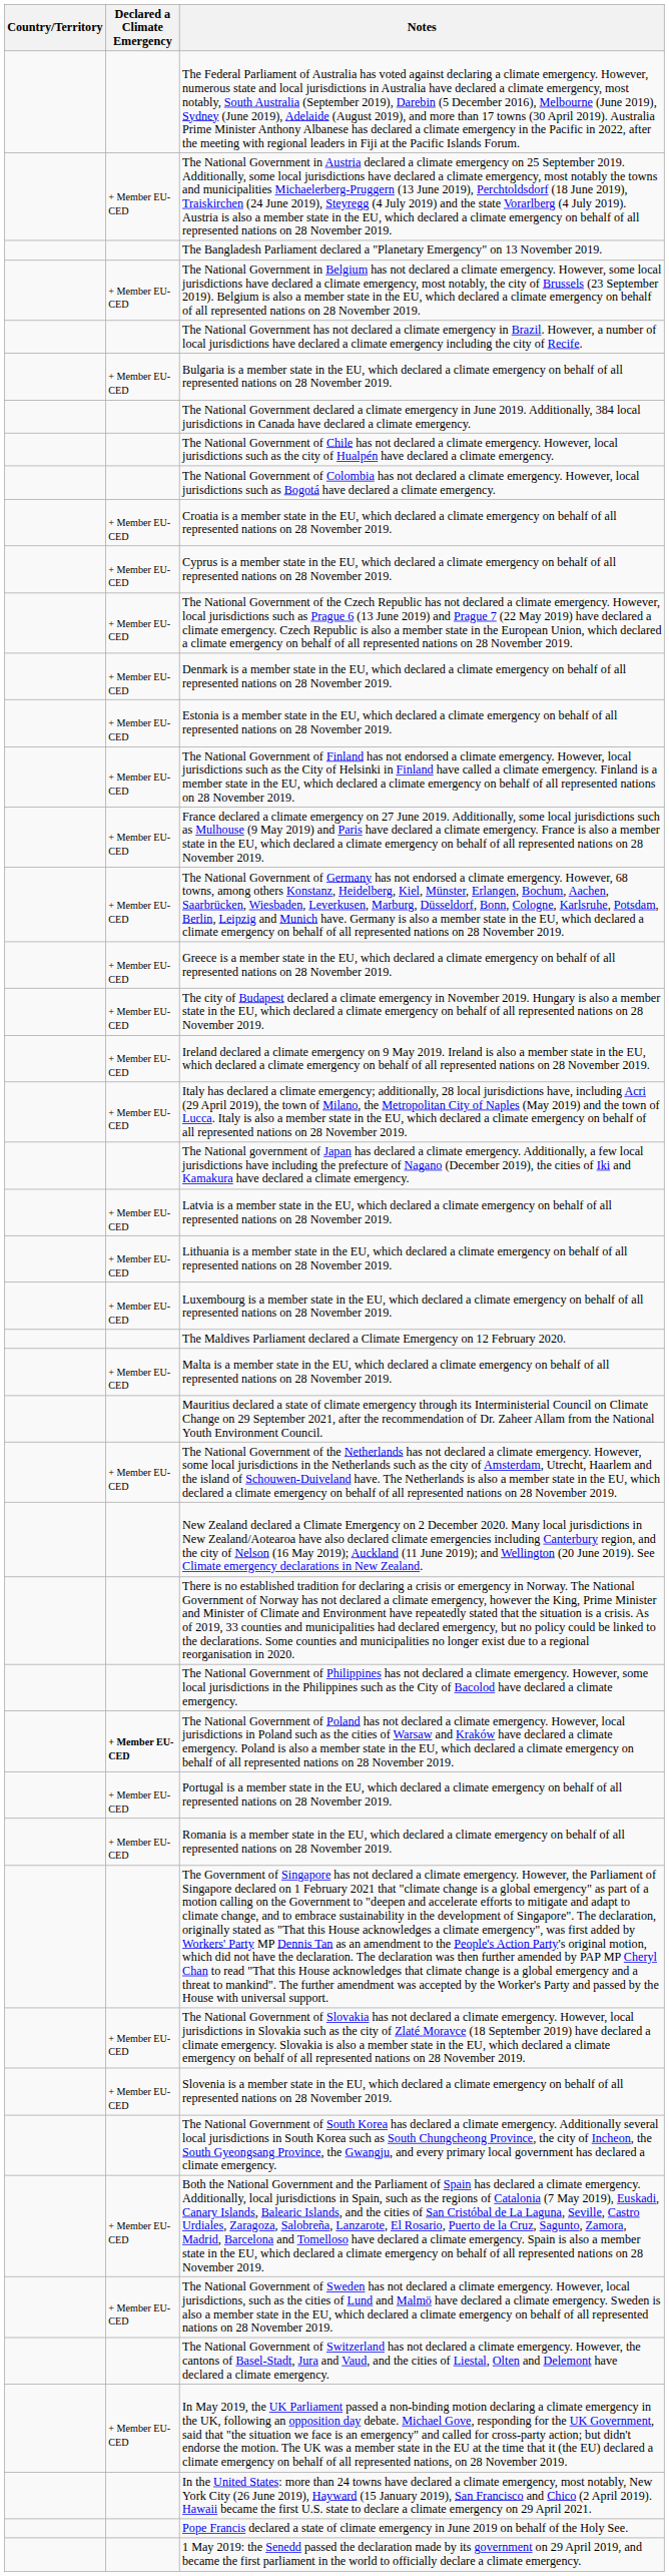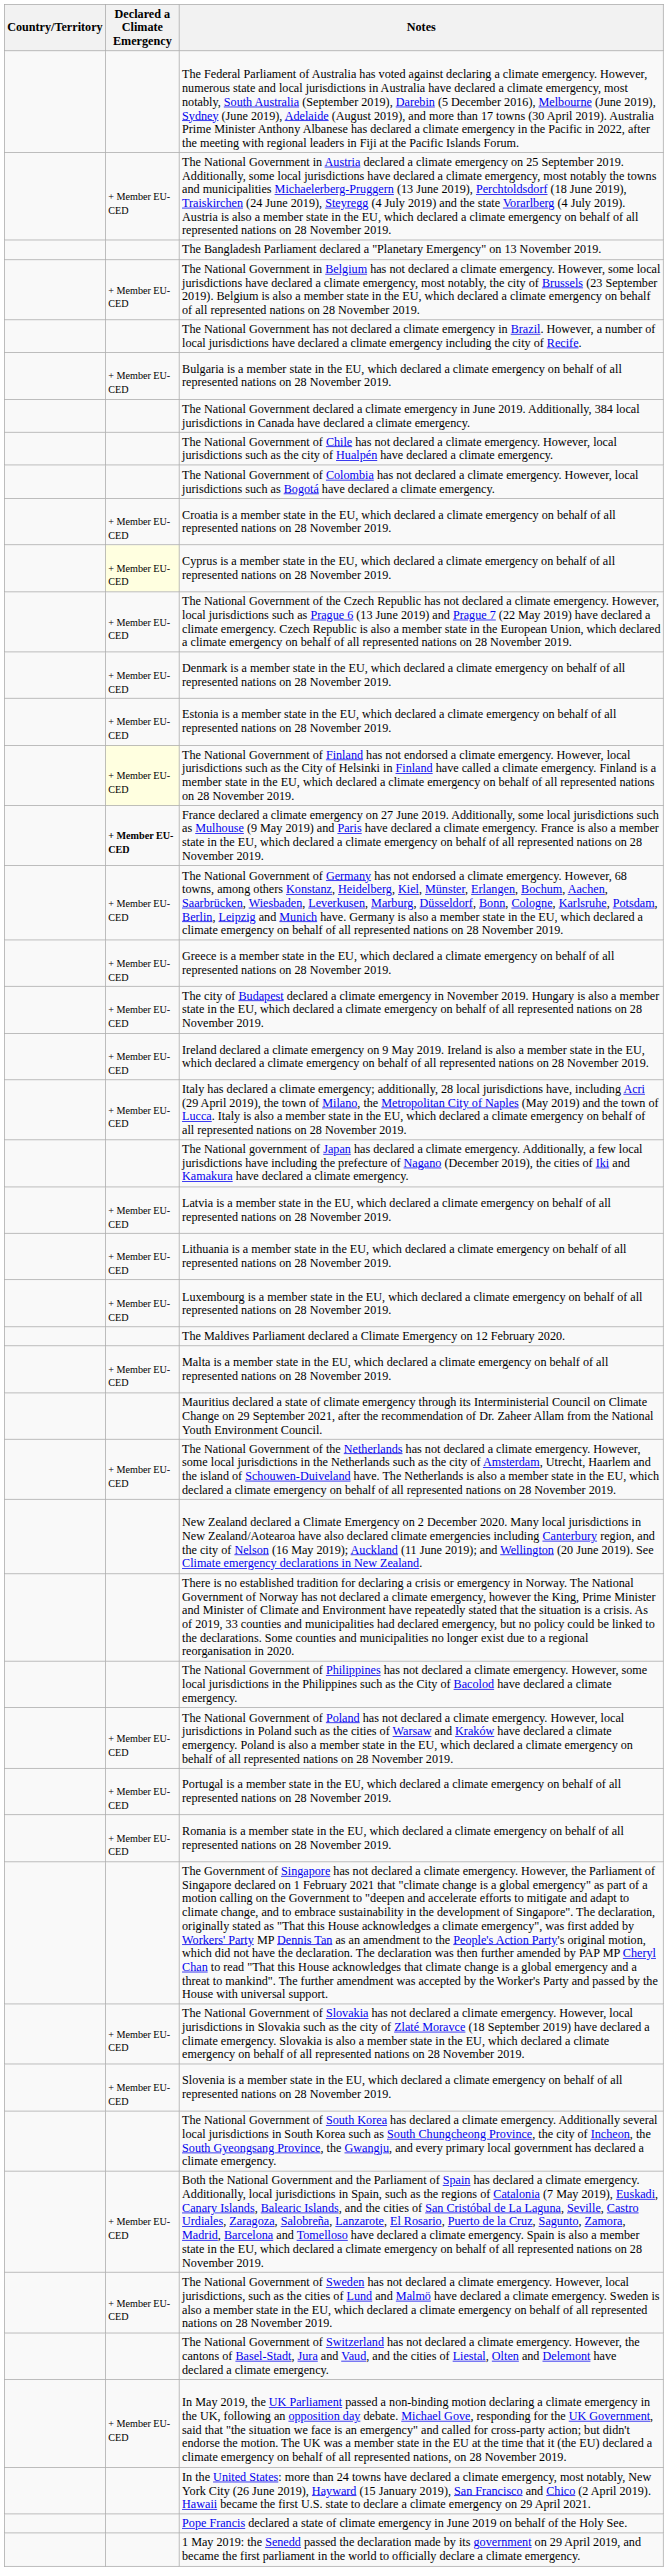 <table class="wikitable sortable mw-datatable sticky-header">
 <tr>
 <th>Country/Territory</th>
 <th>Declared a Climate Emergency</th>
 <th>Notes</th>
 </tr>
 <tr id="A">
 <td></td>
 <td></td>
 <td><br>The Federal Parliament of Australia has voted against declaring a climate emergency. However, numerous state and local jurisdictions in Australia have declared a climate emergency, most notably, <a href='#'>South Australia</a> (September 2019), <a href='#'>Darebin</a> (5 December 2016), <a href='#'>Melbourne</a> (June 2019), <a href='#'>Sydney</a> (June 2019), <a href='#'>Adelaide</a> (August 2019), and more than 17 towns (30 April 2019). Australia Prime Minister Anthony Albanese has declared a climate emergency in the Pacific in 2022, after the meeting with regional leaders in Fiji at the Pacific Islands Forum. </td>
 </tr>
 <tr>
 <td></td>
 <td><br><small>+ Member EU-CED</small></td>
 <td>The National Government in <a href='#'>Austria</a> declared a climate emergency on 25 September 2019. Additionally, some local jurisdictions have declared a climate emergency, most notably the towns and municipalities <a href='#'>Michaelerberg-Pruggern</a> (13 June 2019), <a href='#'>Perchtoldsdorf</a> (18 June 2019), <a href='#'>Traiskirchen</a> (24 June 2019), <a href='#'>Steyregg</a> (4 July 2019) and the state <a href='#'>Vorarlberg</a> (4 July 2019). Austria is also a member state in the EU, which declared a climate emergency on behalf of all represented nations on 28 November 2019.</td>
 </tr>
 <tr id="B">
 <td></td>
 <td></td>
 <td>The Bangladesh Parliament declared a "Planetary Emergency" on 13 November 2019.</td>
 </tr>
 <tr>
 <td></td>
 <td><br><small>+ Member EU-CED</small></td>
 <td>The National Government in <a href='#'>Belgium</a> has not declared a climate emergency. However, some local jurisdictions have declared a climate emergency, most notably, the city of <a href='#'>Brussels</a> (23 September 2019). Belgium is also a member state in the EU, which declared a climate emergency on behalf of all represented nations on 28 November 2019.</td>
 </tr>
 <tr>
 <td></td>
 <td></td>
 <td>The National Government has not declared a climate emergency in <a href='#'>Brazil</a>. However, a number of local jurisdictions have declared a climate emergency including the city of <a href='#'>Recife</a>.</td>
 </tr>
 <tr>
 <td></td>
 <td><br><small>+ Member EU-CED</small></td>
 <td>Bulgaria is a member state in the EU, which declared a climate emergency on behalf of all represented nations on 28 November 2019.</td>
 </tr>
 <tr id="C">
 <td></td>
 <td></td>
 <td>The National Government declared a climate emergency in June 2019. Additionally, 384 local jurisdictions in Canada have declared a climate emergency.</td>
 </tr>
 <tr>
 <td></td>
 <td></td>
 <td>The National Government of <a href='#'>Chile</a> has not declared a climate emergency. However, local jurisdictions such as the city of <a href='#'>Hualpén</a> have declared a climate emergency.</td>
 </tr>
 <tr>
 <td></td>
 <td></td>
 <td>The National Government of <a href='#'>Colombia</a> has not declared a climate emergency. However, local jurisdictions such as <a href='#'>Bogotá</a> have declared a climate emergency.</td>
 </tr>
 <tr>
 <td></td>
 <td><br><small>+ Member EU-CED</small></td>
 <td>Croatia is a member state in the EU, which declared a climate emergency on behalf of all represented nations on 28 November 2019.</td>
 </tr>
 <tr>
 <td></td>
-<td><br><small>+ Member EU-CED</small></td>
+<td style="background: lightyellow;"><br><small>+ Member EU-CED</small></td>
 <td>Cyprus is a member state in the EU, which declared a climate emergency on behalf of all represented nations on 28 November 2019.</td>
 </tr>
 <tr>
 <td></td>
 <td><br><small>+ Member EU-CED</small></td>
 <td>The National Government of the Czech Republic has not declared a climate emergency. However, local jurisdictions such as <a href='#'>Prague 6</a> (13 June 2019) and <a href='#'>Prague 7</a> (22 May 2019) have declared a climate emergency. Czech Republic is also a member state in the European Union, which declared a climate emergency on behalf of all represented nations on 28 November 2019.</td>
 </tr>
 <tr id="D">
 <td></td>
 <td><br><small>+ Member EU-CED</small></td>
 <td>Denmark is a member state in the EU, which declared a climate emergency on behalf of all represented nations on 28 November 2019.</td>
 </tr>
 <tr id="E">
 <td></td>
 <td><br><small>+ Member EU-CED</small></td>
 <td>Estonia is a member state in the EU, which declared a climate emergency on behalf of all represented nations on 28 November 2019.</td>
 </tr>
 <tr id="F">
 <td></td>
-<td><br><small>+ Member EU-CED</small></td>
+<td style="background: lightyellow;"><br><small>+ Member EU-CED</small></td>
 <td>The National Government of <a href='#'>Finland</a> has not endorsed a climate emergency. However, local jurisdictions such as the City of Helsinki in <a href='#'>Finland</a> have called a climate emergency. Finland is a member state in the EU, which declared a climate emergency on behalf of all represented nations on 28 November 2019.</td>
 </tr>
 <tr>
 <td></td>
-<td><br><small>+ Member EU-CED</small></td>
+<td><strong><br><small>+ Member EU-CED</small></strong></td>
 <td>France declared a climate emergency on 27 June 2019. Additionally, some local jurisdictions such as <a href='#'>Mulhouse</a> (9 May 2019) and <a href='#'>Paris</a> have declared a climate emergency. France is also a member state in the EU, which declared a climate emergency on behalf of all represented nations on 28 November 2019.</td>
 </tr>
 <tr id="G">
 <td></td>
 <td><br><small>+ Member EU-CED</small></td>
 <td>The National Government of <a href='#'>Germany</a> has not endorsed a climate emergency. However, 68 towns, among others <a href='#'>Konstanz</a>, <a href='#'>Heidelberg</a>, <a href='#'>Kiel</a>, <a href='#'>Münster</a>, <a href='#'>Erlangen</a>, <a href='#'>Bochum</a>, <a href='#'>Aachen</a>, <a href='#'>Saarbrücken</a>, <a href='#'>Wiesbaden</a>, <a href='#'>Leverkusen</a>, <a href='#'>Marburg</a>, <a href='#'>Düsseldorf</a>, <a href='#'>Bonn</a>, <a href='#'>Cologne</a>, <a href='#'>Karlsruhe</a>, <a href='#'>Potsdam</a>, <a href='#'>Berlin</a>, <a href='#'>Leipzig</a> and <a href='#'>Munich</a> have. Germany is also a member state in the EU, which declared a climate emergency on behalf of all represented nations on 28 November 2019.</td>
 </tr>
 <tr>
 <td></td>
 <td><br><small>+ Member EU-CED</small></td>
 <td>Greece is a member state in the EU, which declared a climate emergency on behalf of all represented nations on 28 November 2019.</td>
 </tr>
 <tr id="H">
 <td></td>
 <td><br><small>+ Member EU-CED</small></td>
 <td>The city of <a href='#'>Budapest</a> declared a climate emergency in November 2019. Hungary is also a member state in the EU, which declared a climate emergency on behalf of all represented nations on 28 November 2019.</td>
 </tr>
 <tr id="I">
 <td></td>
 <td><br><small>+ Member EU-CED</small></td>
 <td>Ireland declared a climate emergency on 9 May 2019. Ireland is also a member state in the EU, which declared a climate emergency on behalf of all represented nations on 28 November 2019.</td>
 </tr>
 <tr>
 <td></td>
 <td><br><small>+ Member EU-CED</small></td>
 <td>Italy has declared a climate emergency; additionally, 28 local jurisdictions have, including <a href='#'>Acri</a> (29 April 2019), the town of <a href='#'>Milano</a>, the <a href='#'>Metropolitan City of Naples</a> (May 2019) and the town of <a href='#'>Lucca</a>. Italy is also a member state in the EU, which declared a climate emergency on behalf of all represented nations on 28 November 2019.</td>
 </tr>
 <tr id="J">
 <td></td>
 <td></td>
 <td>The National government of <a href='#'>Japan</a> has declared a climate emergency. Additionally, a few local jurisdictions have including the prefecture of <a href='#'>Nagano</a> (December 2019), the cities of <a href='#'>Iki</a> and <a href='#'>Kamakura</a> have declared a climate emergency.<br></td>
 </tr>
 <tr id="L">
 <td></td>
 <td><br><small>+ Member EU-CED</small></td>
 <td>Latvia is a member state in the EU, which declared a climate emergency on behalf of all represented nations on 28 November 2019.</td>
 </tr>
 <tr>
 <td></td>
 <td><br><small>+ Member EU-CED</small></td>
 <td>Lithuania is a member state in the EU, which declared a climate emergency on behalf of all represented nations on 28 November 2019.</td>
 </tr>
 <tr>
 <td></td>
 <td><br><small>+ Member EU-CED</small></td>
 <td>Luxembourg is a member state in the EU, which declared a climate emergency on behalf of all represented nations on 28 November 2019.</td>
 </tr>
 <tr id="M">
 <td></td>
 <td></td>
 <td>The Maldives Parliament declared a Climate Emergency on 12 February 2020.</td>
 </tr>
 <tr>
 <td></td>
 <td><br><small>+ Member EU-CED</small></td>
 <td>Malta is a member state in the EU, which declared a climate emergency on behalf of all represented nations on 28 November 2019.</td>
 </tr>
 <tr>
 <td></td>
 <td></td>
 <td>Mauritius declared a state of climate emergency through its Interministerial Council on Climate Change on 29 September 2021, after the recommendation of Dr. Zaheer Allam from the National Youth Environment Council.</td>
 </tr>
 <tr id="N">
 <td></td>
 <td><br><small>+ Member EU-CED</small></td>
 <td>The National Government of the <a href='#'>Netherlands</a> has not declared a climate emergency. However, some local jurisdictions in the Netherlands such as the city of <a href='#'>Amsterdam</a>, Utrecht, Haarlem and the island of <a href='#'>Schouwen-Duiveland</a> have. The Netherlands is also a member state in the EU, which declared a climate emergency on behalf of all represented nations on 28 November 2019.</td>
 </tr>
 <tr>
 <td></td>
 <td></td>
 <td><br>New Zealand declared a Climate Emergency on 2 December 2020. Many local jurisdictions in New Zealand/Aotearoa have also declared climate emergencies including <a href='#'>Canterbury</a> region, and the city of <a href='#'>Nelson</a> (16 May 2019); <a href='#'>Auckland</a> (11 June 2019); and <a href='#'>Wellington</a> (20 June 2019). See <a href='#'>Climate emergency declarations in New Zealand</a>.</td>
 </tr>
 <tr>
 <td></td>
 <td></td>
 <td>There is no established tradition for declaring a crisis or emergency in Norway. The National Government of Norway has not declared a climate emergency, however the King, Prime Minister and Minister of Climate and Environment have repeatedly stated that the situation is a crisis. As of 2019, 33 counties and municipalities had declared emergency, but no policy could be linked to the declarations. Some counties and municipalities no longer exist due to a regional reorganisation in 2020.<br></td>
 </tr>
 <tr id="P">
 <td></td>
 <td></td>
 <td>The National Government of <a href='#'>Philippines</a> has not declared a climate emergency. However, some local jurisdictions in the Philippines such as the City of <a href='#'>Bacolod</a> have declared a climate emergency.</td>
 </tr>
 <tr>
 <td></td>
-<td><strong><br><small>+ Member EU-CED</small></strong></td>
+<td><br><small>+ Member EU-CED</small></td>
 <td>The National Government of <a href='#'>Poland</a> has not declared a climate emergency. However, local jurisdictions in Poland such as the cities of <a href='#'>Warsaw</a> and <a href='#'>Kraków</a> have declared a climate emergency. Poland is also a member state in the EU, which declared a climate emergency on behalf of all represented nations on 28 November 2019.</td>
 </tr>
 <tr>
 <td></td>
 <td><br><small>+ Member EU-CED</small></td>
 <td>Portugal is a member state in the EU, which declared a climate emergency on behalf of all represented nations on 28 November 2019.<br></td>
 </tr>
 <tr id="R">
 <td></td>
 <td><br><small>+ Member EU-CED</small></td>
 <td>Romania is a member state in the EU, which declared a climate emergency on behalf of all represented nations on 28 November 2019.</td>
 </tr>
 <tr id="S">
 <td></td>
 <td></td>
 <td>The Government of <a href='#'>Singapore</a> has not declared a climate emergency. However, the Parliament of Singapore declared on 1 February 2021 that "climate change is a global emergency" as part of a motion calling on the Government to "deepen and accelerate efforts to mitigate and adapt to climate change, and to embrace sustainability in the development of Singapore". The declaration, originally stated as "That this House acknowledges a climate emergency", was first added by <a href='#'>Workers' Party</a> MP <a href='#'>Dennis Tan</a> as an amendment to the <a href='#'>People's Action Party</a>'s original motion, which did not have the declaration. The declaration was then further amended by PAP MP <a href='#'>Cheryl Chan</a> to read "That this House acknowledges that climate change is a global emergency and a threat to mankind". The further amendment was accepted by the Worker's Party and passed by the House with universal support.</td>
 </tr>
 <tr>
 <td></td>
 <td><br><small>+ Member EU-CED</small></td>
 <td>The National Government of <a href='#'>Slovakia</a> has not declared a climate emergency. However, local jurisdictions in Slovakia such as the city of <a href='#'>Zlaté Moravce</a> (18 September 2019) have declared a climate emergency. Slovakia is also a member state in the EU, which declared a climate emergency on behalf of all represented nations on 28 November 2019.</td>
 </tr>
 <tr>
 <td></td>
 <td><br><small>+ Member EU-CED</small></td>
 <td>Slovenia is a member state in the EU, which declared a climate emergency on behalf of all represented nations on 28 November 2019.</td>
 </tr>
 <tr>
 <td></td>
 <td></td>
 <td>The National Government of <a href='#'>South Korea</a> has declared a climate emergency. Additionally several local jurisdictions in South Korea such as <a href='#'>South Chungcheong Province</a>, the city of <a href='#'>Incheon</a>, the <a href='#'>South Gyeongsang Province</a>, the <a href='#'>Gwangju</a>, and every primary local government has declared a climate emergency.</td>
 </tr>
 <tr>
 <td></td>
 <td><br><small>+ Member EU-CED</small></td>
 <td>Both the National Government and the Parliament of <a href='#'>Spain</a> has declared a climate emergency. Additionally, local jurisdictions in Spain, such as the regions of <a href='#'>Catalonia</a> (7 May 2019), <a href='#'>Euskadi</a>, <a href='#'>Canary Islands</a>, <a href='#'>Balearic Islands</a>, and the cities of <a href='#'>San Cristóbal de La Laguna</a>, <a href='#'>Seville</a>, <a href='#'>Castro Urdiales</a>, <a href='#'>Zaragoza</a>, <a href='#'>Salobreña</a>, <a href='#'>Lanzarote</a>, <a href='#'>El Rosario</a>, <a href='#'>Puerto de la Cruz</a>, <a href='#'>Sagunto</a>, <a href='#'>Zamora</a>, <a href='#'>Madrid</a>, <a href='#'>Barcelona</a> and <a href='#'>Tomelloso</a> have declared a climate emergency. Spain is also a member state in the EU, which declared a climate emergency on behalf of all represented nations on 28 November 2019.</td>
 </tr>
 <tr>
 <td></td>
 <td><br><small>+ Member EU-CED</small></td>
 <td>The National Government of <a href='#'>Sweden</a> has not declared a climate emergency. However, local jurisdictions, such as the cities of <a href='#'>Lund</a> and <a href='#'>Malmö</a> have declared a climate emergency. Sweden is also a member state in the EU, which declared a climate emergency on behalf of all represented nations on 28 November 2019.</td>
 </tr>
 <tr>
 <td></td>
 <td></td>
 <td>The National Government of <a href='#'>Switzerland</a> has not declared a climate emergency. However, the cantons of <a href='#'>Basel-Stadt</a>, <a href='#'>Jura</a> and <a href='#'>Vaud</a>, and the cities of <a href='#'>Liestal</a>, <a href='#'>Olten</a> and <a href='#'>Delemont</a> have declared a climate emergency.<br></td>
 </tr>
 <tr id="U">
 <td></td>
 <td><br><small>+ Member EU-CED</small></td>
 <td><br>In May 2019, the <a href='#'>UK Parliament</a> passed a non-binding motion declaring a climate emergency in the UK, following an <a href='#'>opposition day</a> debate. <a href='#'>Michael Gove</a>, responding for the <a href='#'>UK Government</a>, said that "the situation we face is an emergency" and called for cross-party action; but didn't endorse the motion. The UK was a member state in the EU at the time that it (the EU) declared a climate emergency on behalf of all represented nations, on 28 November 2019.</td>
 </tr>
 <tr>
 <td></td>
 <td></td>
 <td>In the <a href='#'>United States</a>: more than 24 towns have declared a climate emergency, most notably, New York City (26 June 2019), <a href='#'>Hayward</a> (15 January 2019), <a href='#'>San Francisco</a> and <a href='#'>Chico</a> (2 April 2019). <a href='#'>Hawaii</a> became the first U.S. state to declare a climate emergency on 29 April 2021.</td>
 </tr>
 <tr id="V">
 <td></td>
 <td></td>
 <td><a href='#'>Pope Francis</a> declared a state of climate emergency in June 2019 on behalf of the Holy See.<br></td>
 </tr>
 <tr>
 <td></td>
 <td></td>
 <td>1 May 2019: the <a href='#'>Senedd</a> passed the declaration made by its <a href='#'>government</a> on 29 April 2019, and became the first parliament in the world to officially declare a climate emergency.<br>  </td>
 </tr>
 </table>
